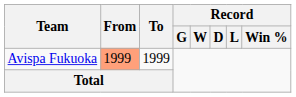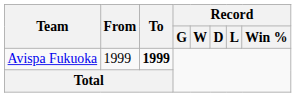 <table class="wikitable" style="text-align: center">
 <tr>
 <th rowspan="2">Team</th>
 <th rowspan="2">From</th>
 <th rowspan="2">To</th>
 <th colspan="5">Record</th>
 </tr>
 <tr>
 <th>G</th>
 <th>W</th>
 <th>D</th>
 <th>L</th>
 <th>Win %</th>
 </tr>
 <tr>
 <td align="left"><a href='#'>Avispa Fukuoka</a></td>
-<td align="left" style="background: lightsalmon;">1999</td>
-<td align="left">1999<br></td>
+<td align="left">1999</td>
+<td align="left"><strong>1999<br></strong></td>
 </tr>
 <tr>
 <th colspan="3">Total<br></th>
 </tr>
 </table>
